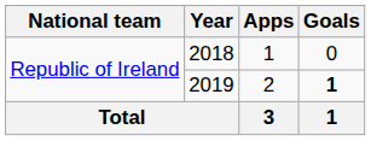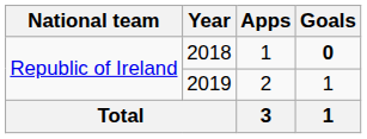 <table class=wikitable style=text-align:center>
 <tr>
 <th>National team</th>
 <th>Year</th>
 <th>Apps</th>
 <th>Goals</th>
 </tr>
 <tr>
 <td rowspan="2"><a href='#'>Republic of Ireland</a></td>
 <td>2018</td>
 <td>1</td>
-<td>0</td>
+<td><strong>0</strong></td>
 </tr>
 <tr>
 <td>2019</td>
 <td>2</td>
-<td><strong>1</strong></td>
+<td>1</td>
 </tr>
 <tr>
 <th colspan="2">Total</th>
 <th>3</th>
 <th>1</th>
 </tr>
 </table>
